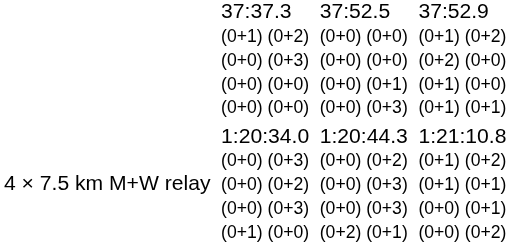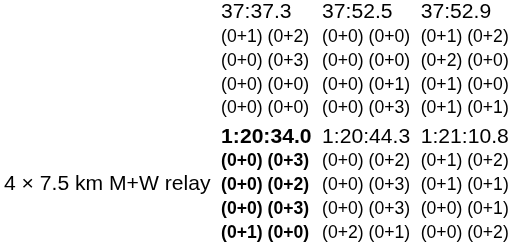 <table>
 <tr>
 <td><br><em></em></td>
 <td></td>
 <td>37:37.3<br><small>(0+1) (0+2)<br>(0+0) (0+3)<br>(0+0) (0+0)<br>(0+0) (0+0)</small></td>
 <td></td>
 <td>37:52.5<br><small>(0+0) (0+0)<br>(0+0) (0+0)<br>(0+0) (0+1)<br>(0+0) (0+3)</small></td>
 <td></td>
 <td>37:52.9<br><small>(0+1) (0+2)<br>(0+2) (0+0)<br>(0+1) (0+0)<br>(0+1) (0+1)</small></td>
 </tr>
 <tr>
 <td>4 × 7.5 km M+W relay<br><em></em></td>
 <td></td>
-<td>1:20:34.0<br><small>(0+0) (0+3)<br>(0+0) (0+2)<br>(0+0) (0+3)<br>(0+1) (0+0)</small></td>
+<td><strong>1:20:34.0<br><small>(0+0) (0+3)<br>(0+0) (0+2)<br>(0+0) (0+3)<br>(0+1) (0+0)</small></strong></td>
 <td></td>
 <td>1:20:44.3<br><small>(0+0) (0+2)<br>(0+0) (0+3)<br>(0+0) (0+3)<br>(0+2) (0+1)</small></td>
 <td></td>
 <td>1:21:10.8<br><small>(0+1) (0+2)<br>(0+1) (0+1)<br>(0+0) (0+1)<br>(0+0) (0+2)</small></td>
 </tr>
 </table>
